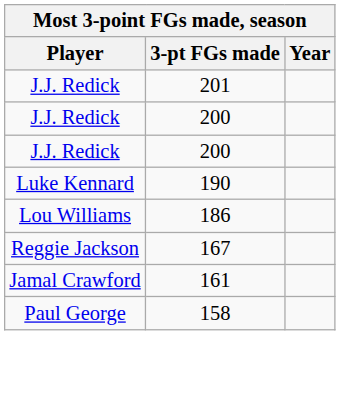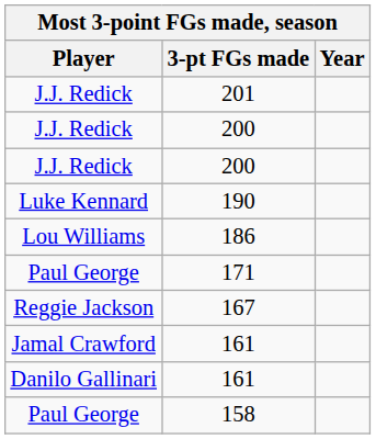 <table class="wikitable sortable" style="text-align:center">
 <tr>
 <th colspan="3">Most 3-point FGs made, season</th>
 </tr>
 <tr>
 <th>Player</th>
 <th>3-pt FGs made</th>
 <th>Year</th>
 </tr>
 <tr>
 <td><a href='#'>J.J. Redick</a></td>
 <td>201</td>
 <td></td>
 </tr>
 <tr>
 <td><a href='#'>J.J. Redick</a></td>
 <td>200</td>
 <td></td>
 </tr>
 <tr>
 <td><a href='#'>J.J. Redick</a></td>
 <td>200</td>
 <td></td>
 </tr>
 <tr>
 <td><a href='#'>Luke Kennard</a></td>
 <td>190</td>
 <td></td>
 </tr>
 <tr>
 <td><a href='#'>Lou Williams</a></td>
 <td>186</td>
 <td></td>
 </tr>
 <tr>
+<td><a href='#'>Paul George</a></td>
+<td>171</td>
+<td></td>
+</tr>
+<tr>
 <td><a href='#'>Reggie Jackson</a></td>
 <td>167</td>
 <td></td>
 </tr>
 <tr>
 <td><a href='#'>Jamal Crawford</a></td>
 <td>161</td>
 <td></td>
 </tr>
 <tr>
+<td><a href='#'>Danilo Gallinari</a></td>
+<td>161</td>
+<td></td>
+</tr>
+<tr>
 <td><a href='#'>Paul George</a></td>
 <td>158</td>
 <td></td>
 </tr>
 </table>
